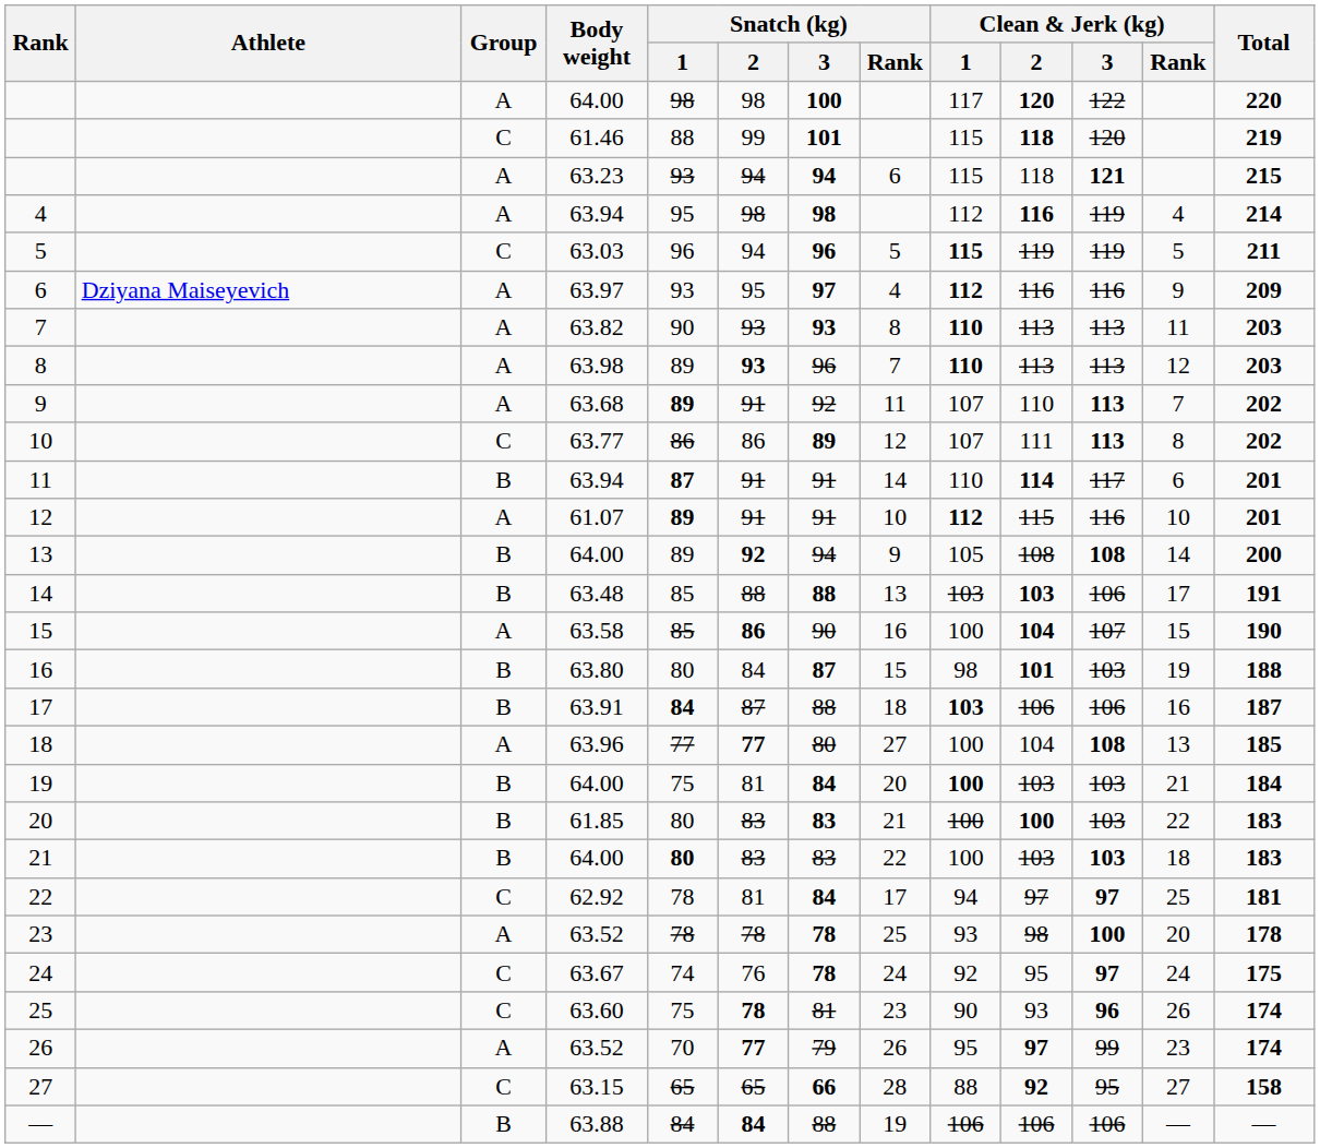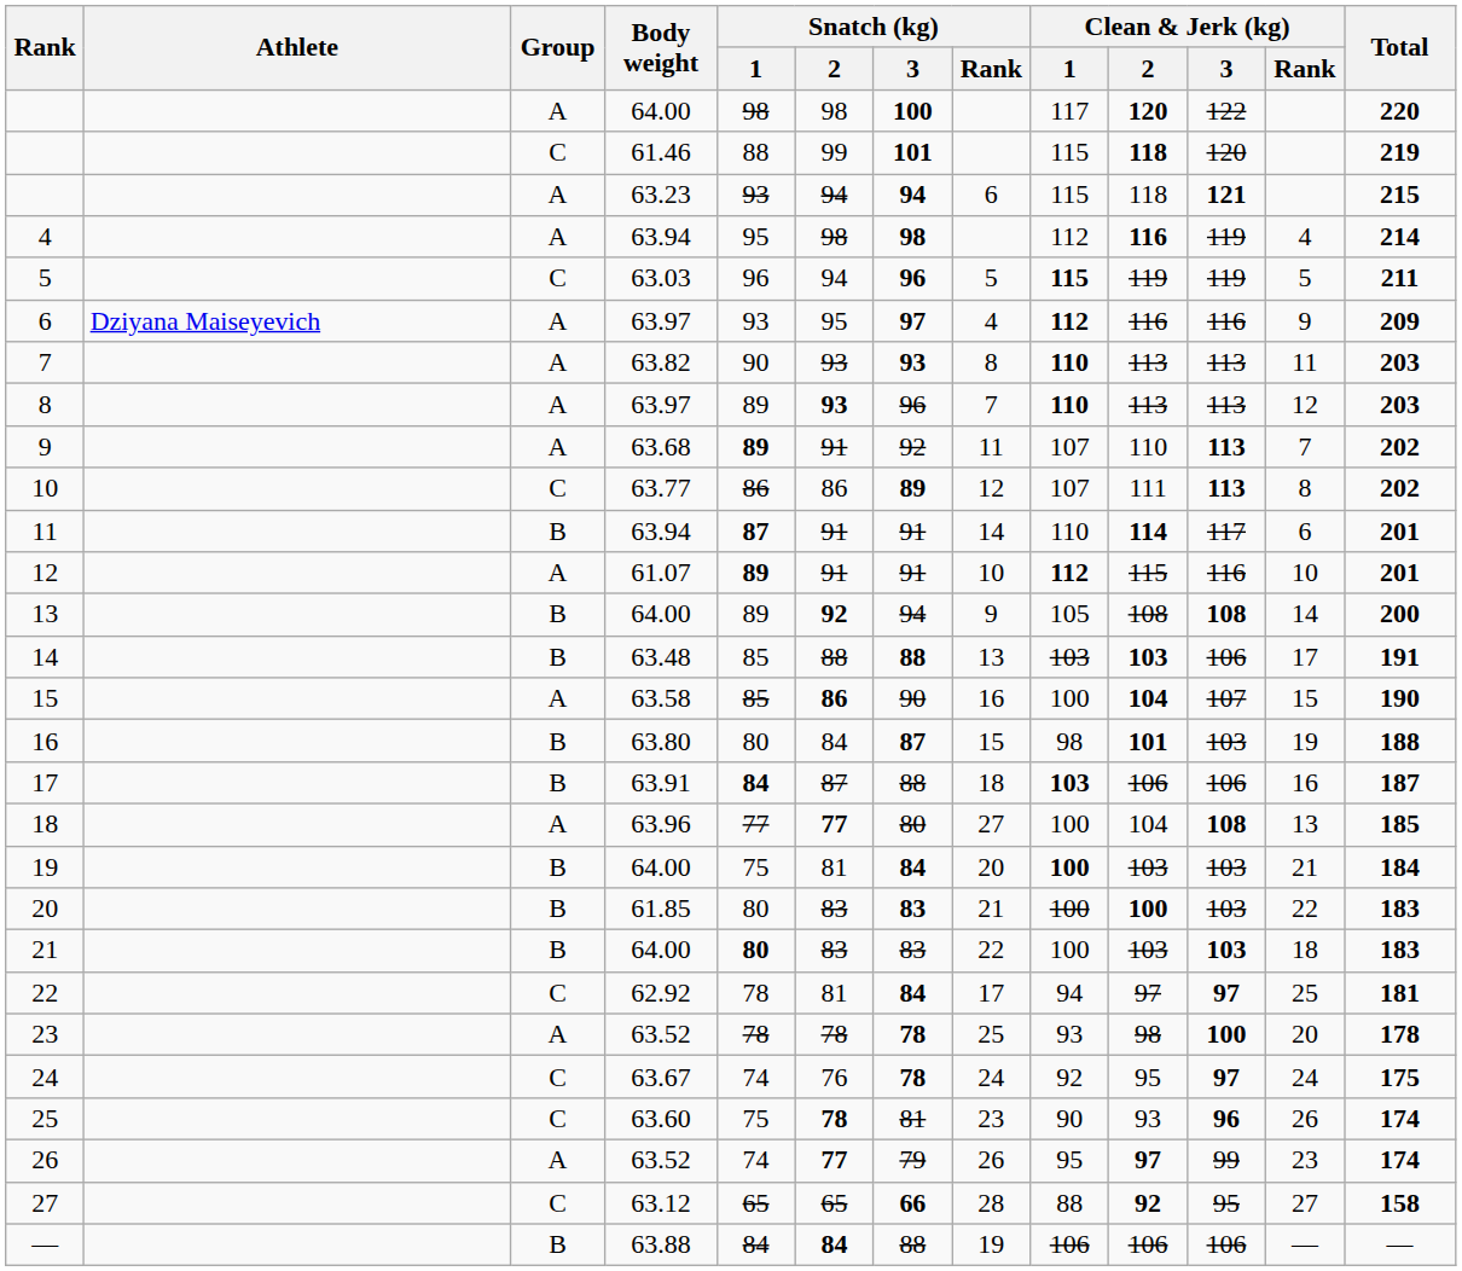 <table class = "wikitable" style="text-align:center;">
 <tr>
 <th rowspan=2 width=40>Rank</th>
 <th rowspan=2 width=250>Athlete</th>
 <th rowspan=2 width=50>Group</th>
 <th rowspan=2 width=60>Body weight</th>
 <th colspan=4>Snatch (kg)</th>
 <th colspan=4>Clean & Jerk (kg)</th>
 <th rowspan=2 width=60>Total</th>
 </tr>
 <tr>
 <th width=40>1</th>
 <th width=40>2</th>
 <th width=40>3</th>
 <th width=40>Rank</th>
 <th width=40>1</th>
 <th width=40>2</th>
 <th width=40>3</th>
 <th width=40>Rank</th>
 </tr>
 <tr>
 <td></td>
 <td align=left></td>
 <td>A</td>
 <td>64.00</td>
 <td><s>98</s></td>
 <td>98</td>
 <td><strong>100</strong></td>
 <td></td>
 <td>117</td>
 <td><strong>120</strong></td>
 <td><s>122</s></td>
 <td></td>
 <td><strong>220</strong></td>
 </tr>
 <tr>
 <td></td>
 <td align=left></td>
 <td>C</td>
 <td>61.46</td>
 <td>88</td>
 <td>99</td>
 <td><strong>101</strong></td>
 <td></td>
 <td>115</td>
 <td><strong>118</strong></td>
 <td><s>120</s></td>
 <td></td>
 <td><strong>219</strong></td>
 </tr>
 <tr>
 <td></td>
 <td align=left></td>
 <td>A</td>
 <td>63.23</td>
 <td><s>93</s></td>
 <td><s>94</s></td>
 <td><strong>94</strong></td>
 <td>6</td>
 <td>115</td>
 <td>118</td>
 <td><strong>121</strong></td>
 <td></td>
 <td><strong>215</strong></td>
 </tr>
 <tr>
 <td>4</td>
 <td align=left></td>
 <td>A</td>
 <td>63.94</td>
 <td>95</td>
 <td><s>98</s></td>
 <td><strong>98</strong></td>
 <td></td>
 <td>112</td>
 <td><strong>116</strong></td>
 <td><s>119</s></td>
 <td>4</td>
 <td><strong>214</strong></td>
 </tr>
 <tr>
 <td>5</td>
 <td align=left></td>
 <td>C</td>
 <td>63.03</td>
 <td>96</td>
 <td>94</td>
 <td><strong>96</strong></td>
 <td>5</td>
 <td><strong>115</strong></td>
 <td><s>119</s></td>
 <td><s>119</s></td>
 <td>5</td>
 <td><strong>211</strong></td>
 </tr>
 <tr>
 <td>6</td>
 <td align=left><a href='#'>Dziyana Maiseyevich</a> </td>
 <td>A</td>
 <td>63.97</td>
 <td>93</td>
 <td>95</td>
 <td><strong>97</strong></td>
 <td>4</td>
 <td><strong>112</strong></td>
 <td><s>116</s></td>
 <td><s>116</s></td>
 <td>9</td>
 <td><strong>209</strong></td>
 </tr>
 <tr>
 <td>7</td>
 <td align=left></td>
 <td>A</td>
 <td>63.82</td>
 <td>90</td>
 <td><s>93</s></td>
 <td><strong>93</strong></td>
 <td>8</td>
 <td><strong>110</strong></td>
 <td><s>113</s></td>
 <td><s>113</s></td>
 <td>11</td>
 <td><strong>203</strong></td>
 </tr>
 <tr>
 <td>8</td>
 <td align=left></td>
 <td>A</td>
-<td>63.98</td>
+<td>63.97</td>
 <td>89</td>
 <td><strong>93</strong></td>
 <td><s>96</s></td>
 <td>7</td>
 <td><strong>110</strong></td>
 <td><s>113</s></td>
 <td><s>113</s></td>
 <td>12</td>
 <td><strong>203</strong></td>
 </tr>
 <tr>
 <td>9</td>
 <td align=left></td>
 <td>A</td>
 <td>63.68</td>
 <td><strong>89</strong></td>
 <td><s>91</s></td>
 <td><s>92</s></td>
 <td>11</td>
 <td>107</td>
 <td>110</td>
 <td><strong>113</strong></td>
 <td>7</td>
 <td><strong>202</strong></td>
 </tr>
 <tr>
 <td>10</td>
 <td align=left></td>
 <td>C</td>
 <td>63.77</td>
 <td><s>86</s></td>
 <td>86</td>
 <td><strong>89</strong></td>
 <td>12</td>
 <td>107</td>
 <td>111</td>
 <td><strong>113</strong></td>
 <td>8</td>
 <td><strong>202</strong></td>
 </tr>
 <tr>
 <td>11</td>
 <td align=left></td>
 <td>B</td>
 <td>63.94</td>
 <td><strong>87</strong></td>
 <td><s>91</s></td>
 <td><s>91</s></td>
 <td>14</td>
 <td>110</td>
 <td><strong>114</strong></td>
 <td><s>117</s></td>
 <td>6</td>
 <td><strong>201</strong></td>
 </tr>
 <tr>
 <td>12</td>
 <td align=left></td>
 <td>A</td>
 <td>61.07</td>
 <td><strong>89</strong></td>
 <td><s>91</s></td>
 <td><s>91</s></td>
 <td>10</td>
 <td><strong>112</strong></td>
 <td><s>115</s></td>
 <td><s>116</s></td>
 <td>10</td>
 <td><strong>201</strong></td>
 </tr>
 <tr>
 <td>13</td>
 <td align=left></td>
 <td>B</td>
 <td>64.00</td>
 <td>89</td>
 <td><strong>92</strong></td>
 <td><s>94</s></td>
 <td>9</td>
 <td>105</td>
 <td><s>108</s></td>
 <td><strong>108</strong></td>
 <td>14</td>
 <td><strong>200</strong></td>
 </tr>
 <tr>
 <td>14</td>
 <td align=left></td>
 <td>B</td>
 <td>63.48</td>
 <td>85</td>
 <td><s>88</s></td>
 <td><strong>88</strong></td>
 <td>13</td>
 <td><s>103</s></td>
 <td><strong>103</strong></td>
 <td><s>106</s></td>
 <td>17</td>
 <td><strong>191</strong></td>
 </tr>
 <tr>
 <td>15</td>
 <td align=left></td>
 <td>A</td>
 <td>63.58</td>
 <td><s>85</s></td>
 <td><strong>86</strong></td>
 <td><s>90</s></td>
 <td>16</td>
 <td>100</td>
 <td><strong>104</strong></td>
 <td><s>107</s></td>
 <td>15</td>
 <td><strong>190</strong></td>
 </tr>
 <tr>
 <td>16</td>
 <td align=left></td>
 <td>B</td>
 <td>63.80</td>
 <td>80</td>
 <td>84</td>
 <td><strong>87</strong></td>
 <td>15</td>
 <td>98</td>
 <td><strong>101</strong></td>
 <td><s>103</s></td>
 <td>19</td>
 <td><strong>188</strong></td>
 </tr>
 <tr>
 <td>17</td>
 <td align=left></td>
 <td>B</td>
 <td>63.91</td>
 <td><strong>84</strong></td>
 <td><s>87</s></td>
 <td><s>88</s></td>
 <td>18</td>
 <td><strong>103</strong></td>
 <td><s>106</s></td>
 <td><s>106</s></td>
 <td>16</td>
 <td><strong>187</strong></td>
 </tr>
 <tr>
 <td>18</td>
 <td align=left></td>
 <td>A</td>
 <td>63.96</td>
 <td><s>77</s></td>
 <td><strong>77</strong></td>
 <td><s>80</s></td>
 <td>27</td>
 <td>100</td>
 <td>104</td>
 <td><strong>108</strong></td>
 <td>13</td>
 <td><strong>185</strong></td>
 </tr>
 <tr>
 <td>19</td>
 <td align=left></td>
 <td>B</td>
 <td>64.00</td>
 <td>75</td>
 <td>81</td>
 <td><strong>84</strong></td>
 <td>20</td>
 <td><strong>100</strong></td>
 <td><s>103</s></td>
 <td><s>103</s></td>
 <td>21</td>
 <td><strong>184</strong></td>
 </tr>
 <tr>
 <td>20</td>
 <td align=left></td>
 <td>B</td>
 <td>61.85</td>
 <td>80</td>
 <td><s>83</s></td>
 <td><strong>83</strong></td>
 <td>21</td>
 <td><s>100</s></td>
 <td><strong>100</strong></td>
 <td><s>103</s></td>
 <td>22</td>
 <td><strong>183</strong></td>
 </tr>
 <tr>
 <td>21</td>
 <td align=left></td>
 <td>B</td>
 <td>64.00</td>
 <td><strong>80</strong></td>
 <td><s>83</s></td>
 <td><s>83</s></td>
 <td>22</td>
 <td>100</td>
 <td><s>103</s></td>
 <td><strong>103</strong></td>
 <td>18</td>
 <td><strong>183</strong></td>
 </tr>
 <tr>
 <td>22</td>
 <td align=left></td>
 <td>C</td>
 <td>62.92</td>
 <td>78</td>
 <td>81</td>
 <td><strong>84</strong></td>
 <td>17</td>
 <td>94</td>
 <td><s>97</s></td>
 <td><strong>97</strong></td>
 <td>25</td>
 <td><strong>181</strong></td>
 </tr>
 <tr>
 <td>23</td>
 <td align=left></td>
 <td>A</td>
 <td>63.52</td>
 <td><s>78</s></td>
 <td><s>78</s></td>
 <td><strong>78</strong></td>
 <td>25</td>
 <td>93</td>
 <td><s>98</s></td>
 <td><strong>100</strong></td>
 <td>20</td>
 <td><strong>178</strong></td>
 </tr>
 <tr>
 <td>24</td>
 <td align=left></td>
 <td>C</td>
 <td>63.67</td>
 <td>74</td>
 <td>76</td>
 <td><strong>78</strong></td>
 <td>24</td>
 <td>92</td>
 <td>95</td>
 <td><strong>97</strong></td>
 <td>24</td>
 <td><strong>175</strong></td>
 </tr>
 <tr>
 <td>25</td>
 <td align=left></td>
 <td>C</td>
 <td>63.60</td>
 <td>75</td>
 <td><strong>78</strong></td>
 <td><s>81</s></td>
 <td>23</td>
 <td>90</td>
 <td>93</td>
 <td><strong>96</strong></td>
 <td>26</td>
 <td><strong>174</strong></td>
 </tr>
 <tr>
 <td>26</td>
 <td align=left></td>
 <td>A</td>
 <td>63.52</td>
-<td>70</td>
+<td>74</td>
 <td><strong>77</strong></td>
 <td><s>79</s></td>
 <td>26</td>
 <td>95</td>
 <td><strong>97</strong></td>
 <td><s>99</s></td>
 <td>23</td>
 <td><strong>174</strong></td>
 </tr>
 <tr>
 <td>27</td>
 <td align=left></td>
 <td>C</td>
-<td>63.15</td>
+<td>63.12</td>
 <td><s>65</s></td>
 <td><s>65</s></td>
 <td><strong>66</strong></td>
 <td>28</td>
 <td>88</td>
 <td><strong>92</strong></td>
 <td><s>95</s></td>
 <td>27</td>
 <td><strong>158</strong></td>
 </tr>
 <tr>
 <td>—</td>
 <td align=left></td>
 <td>B</td>
 <td>63.88</td>
 <td><s>84</s></td>
 <td><strong>84</strong></td>
 <td><s>88</s></td>
 <td>19</td>
 <td><s>106</s></td>
 <td><s>106</s></td>
 <td><s>106</s></td>
 <td>—</td>
 <td>—</td>
 </tr>
 </table>
